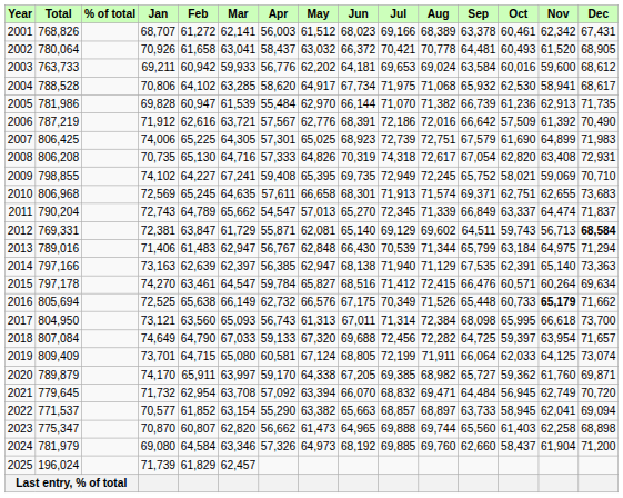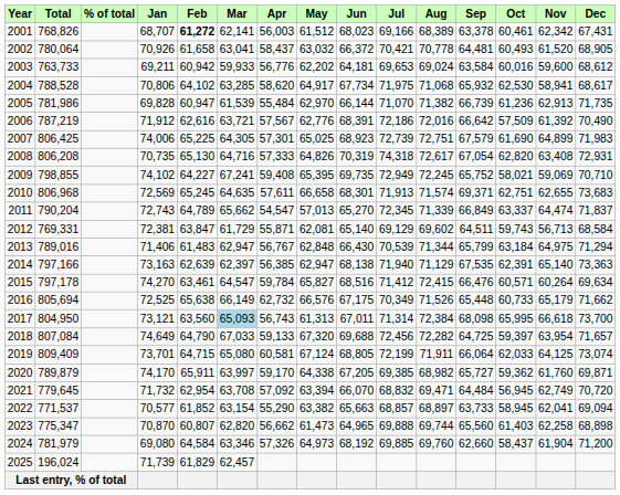 <table class="wikitable" style="text-align:right;">
 <tr>
 <th style="background:#cfb;">Year</th>
 <th style="background:#cfb;">Total</th>
 <th style="background:#cfb;">% of total</th>
 <th style="background:#cfb;">Jan</th>
 <th style="background:#cfb;">Feb</th>
 <th style="background:#cfb;">Mar</th>
 <th style="background:#cfb;">Apr</th>
 <th style="background:#cfb;">May</th>
 <th style="background:#cfb;">Jun</th>
 <th style="background:#cfb;">Jul</th>
 <th style="background:#cfb;">Aug</th>
 <th style="background:#cfb;">Sep</th>
 <th style="background:#cfb;">Oct</th>
 <th style="background:#cfb;">Nov</th>
 <th style="background:#cfb;">Dec</th>
 </tr>
 <tr>
 <td>2001</td>
 <td>768,826</td>
 <td></td>
 <td>68,707</td>
-<td>61,272</td>
+<td><strong>61,272</strong></td>
 <td>62,141</td>
 <td>56,003</td>
 <td>61,512</td>
 <td>68,023</td>
 <td>69,166</td>
 <td>68,389</td>
 <td>63,378</td>
 <td>60,461</td>
 <td>62,342</td>
 <td>67,431</td>
 </tr>
 <tr>
 <td>2002</td>
 <td>780,064</td>
 <td></td>
 <td>70,926</td>
 <td>61,658</td>
 <td>63,041</td>
 <td>58,437</td>
 <td>63,032</td>
 <td>66,372</td>
 <td>70,421</td>
 <td>70,778</td>
 <td>64,481</td>
 <td>60,493</td>
 <td>61,520</td>
 <td>68,905</td>
 </tr>
 <tr>
 <td>2003</td>
 <td>763,733</td>
 <td></td>
 <td>69,211</td>
 <td>60,942</td>
 <td>59,933</td>
 <td>56,776</td>
 <td>62,202</td>
 <td>64,181</td>
 <td>69,653</td>
 <td>69,024</td>
 <td>63,584</td>
 <td>60,016</td>
 <td>59,600</td>
 <td>68,612</td>
 </tr>
 <tr>
 <td>2004</td>
 <td>788,528</td>
 <td></td>
 <td>70,806</td>
 <td>64,102</td>
 <td>63,285</td>
 <td>58,620</td>
 <td>64,917</td>
 <td>67,734</td>
 <td>71,975</td>
 <td>71,068</td>
 <td>65,932</td>
 <td>62,530</td>
 <td>58,941</td>
 <td>68,617</td>
 </tr>
 <tr>
 <td>2005</td>
 <td>781,986</td>
 <td></td>
 <td>69,828</td>
 <td>60,947</td>
 <td>61,539</td>
 <td>55,484</td>
 <td>62,970</td>
 <td>66,144</td>
 <td>71,070</td>
 <td>71,382</td>
 <td>66,739</td>
 <td>61,236</td>
 <td>62,913</td>
 <td>71,735</td>
 </tr>
 <tr>
 <td>2006</td>
 <td>787,219</td>
 <td></td>
 <td>71,912</td>
 <td>62,616</td>
 <td>63,721</td>
 <td>57,567</td>
 <td>62,776</td>
 <td>68,391</td>
 <td>72,186</td>
 <td>72,016</td>
 <td>66,642</td>
 <td>57,509</td>
 <td>61,392</td>
 <td>70,490</td>
 </tr>
 <tr>
 <td>2007</td>
 <td>806,425</td>
 <td></td>
 <td>74,006</td>
 <td>65,225</td>
 <td>64,305</td>
 <td>57,301</td>
 <td>65,025</td>
 <td>68,923</td>
 <td>72,739</td>
 <td>72,751</td>
 <td>67,579</td>
 <td>61,690</td>
 <td>64,899</td>
 <td>71,983</td>
 </tr>
 <tr>
 <td>2008</td>
 <td>806,208</td>
 <td></td>
 <td>70,735</td>
 <td>65,130</td>
 <td>64,716</td>
 <td>57,333</td>
 <td>64,826</td>
 <td>70,319</td>
 <td>74,318</td>
 <td>72,617</td>
 <td>67,054</td>
 <td>62,820</td>
 <td>63,408</td>
 <td>72,931</td>
 </tr>
 <tr>
 <td>2009</td>
 <td>798,855</td>
 <td></td>
 <td>74,102</td>
 <td>64,227</td>
 <td>67,241</td>
 <td>59,408</td>
 <td>65,395</td>
 <td>69,735</td>
 <td>72,949</td>
 <td>72,245</td>
 <td>65,752</td>
 <td>58,021</td>
 <td>59,069</td>
 <td>70,710</td>
 </tr>
 <tr>
 <td>2010</td>
 <td>806,968</td>
 <td></td>
 <td>72,569</td>
 <td>65,245</td>
 <td>64,635</td>
 <td>57,611</td>
 <td>66,658</td>
 <td>68,301</td>
 <td>71,913</td>
 <td>71,574</td>
 <td>69,371</td>
 <td>62,751</td>
 <td>62,655</td>
 <td>73,683</td>
 </tr>
 <tr>
 <td>2011</td>
 <td>790,204</td>
 <td></td>
 <td>72,743</td>
 <td>64,789</td>
 <td>65,662</td>
 <td>54,547</td>
 <td>57,013</td>
 <td>65,270</td>
 <td>72,345</td>
 <td>71,339</td>
 <td>66,849</td>
 <td>63,337</td>
 <td>64,474</td>
 <td>71,837</td>
 </tr>
 <tr>
 <td>2012</td>
 <td>769,331</td>
 <td></td>
 <td>72,381</td>
 <td>63,847</td>
 <td>61,729</td>
 <td>55,871</td>
 <td>62,081</td>
 <td>65,140</td>
 <td>69,129</td>
 <td>69,602</td>
 <td>64,511</td>
 <td>59,743</td>
 <td>56,713</td>
-<td><strong>68,584</strong></td>
+<td>68,584</td>
 </tr>
 <tr>
 <td>2013</td>
 <td>789,016</td>
 <td></td>
 <td>71,406</td>
 <td>61,483</td>
 <td>62,947</td>
 <td>56,767</td>
 <td>62,848</td>
 <td>66,430</td>
 <td>70,539</td>
 <td>71,344</td>
 <td>65,799</td>
 <td>63,184</td>
 <td>64,975</td>
 <td>71,294</td>
 </tr>
 <tr>
 <td>2014</td>
 <td>797,166</td>
 <td></td>
 <td>73,163</td>
 <td>62,639</td>
 <td>62,397</td>
 <td>56,385</td>
 <td>62,947</td>
 <td>68,138</td>
 <td>71,940</td>
 <td>71,129</td>
 <td>67,535</td>
 <td>62,391</td>
 <td>65,140</td>
 <td>73,363</td>
 </tr>
 <tr>
 <td>2015</td>
 <td>797,178</td>
 <td></td>
 <td>74,270</td>
 <td>63,461</td>
 <td>64,547</td>
 <td>59,784</td>
 <td>65,827</td>
 <td>68,516</td>
 <td>71,412</td>
 <td>72,415</td>
 <td>66,476</td>
 <td>60,571</td>
 <td>60,264</td>
 <td>69,634</td>
 </tr>
 <tr>
 <td>2016</td>
 <td>805,694</td>
 <td></td>
 <td>72,525</td>
 <td>65,638</td>
 <td>66,149</td>
 <td>62,732</td>
 <td>66,576</td>
 <td>67,175</td>
 <td>70,349</td>
 <td>71,526</td>
 <td>65,448</td>
 <td>60,733</td>
-<td><strong>65,179</strong></td>
+<td>65,179</td>
 <td>71,662</td>
 </tr>
 <tr>
 <td>2017</td>
 <td>804,950</td>
 <td></td>
 <td>73,121</td>
 <td>63,560</td>
-<td>65,093</td>
+<td style="background: lightblue;">65,093</td>
 <td>56,743</td>
 <td>61,313</td>
 <td>67,011</td>
 <td>71,314</td>
 <td>72,384</td>
 <td>68,098</td>
 <td>65,995</td>
 <td>66,618</td>
 <td>73,700</td>
 </tr>
 <tr>
 <td>2018</td>
 <td>807,084</td>
 <td></td>
 <td>74,649</td>
 <td>64,790</td>
 <td>67,033</td>
 <td>59,133</td>
 <td>67,320</td>
 <td>69,688</td>
 <td>72,456</td>
 <td>72,282</td>
 <td>64,725</td>
 <td>59,397</td>
 <td>63,954</td>
 <td>71,657</td>
 </tr>
 <tr>
 <td>2019</td>
 <td>809,409</td>
 <td></td>
 <td>73,701</td>
 <td>64,715</td>
 <td>65,080</td>
 <td>60,581</td>
 <td>67,124</td>
 <td>68,805</td>
 <td>72,199</td>
 <td>71,911</td>
 <td>66,064</td>
 <td>62,033</td>
 <td>64,125</td>
 <td>73,074</td>
 </tr>
 <tr>
 <td>2020</td>
 <td>789,879</td>
 <td></td>
 <td>74,170</td>
 <td>65,911</td>
 <td>63,997</td>
 <td>59,170</td>
 <td>64,338</td>
 <td>67,205</td>
 <td>69,385</td>
 <td>68,982</td>
 <td>65,727</td>
 <td>59,362</td>
 <td>61,760</td>
 <td>69,871</td>
 </tr>
 <tr>
 <td>2021</td>
 <td>779,645</td>
 <td></td>
 <td>71,732</td>
 <td>62,954</td>
 <td>63,708</td>
 <td>57,092</td>
 <td>63,394</td>
 <td>66,070</td>
 <td>68,832</td>
 <td>69,471</td>
 <td>64,484</td>
 <td>56,945</td>
 <td>62,749</td>
 <td>70,720</td>
 </tr>
 <tr>
 <td>2022</td>
 <td>771,537</td>
 <td></td>
 <td>70,577</td>
 <td>61,852</td>
 <td>63,154</td>
 <td>55,290</td>
 <td>63,382</td>
 <td>65,663</td>
 <td>68,857</td>
 <td>68,897</td>
 <td>63,733</td>
 <td>58,945</td>
 <td>62,041</td>
 <td>69,094</td>
 </tr>
 <tr>
 <td>2023</td>
 <td>775,347</td>
 <td></td>
 <td>70,870</td>
 <td>60,807</td>
 <td>62,820</td>
 <td>56,662</td>
 <td>61,473</td>
 <td>64,965</td>
 <td>69,888</td>
 <td>69,744</td>
 <td>65,560</td>
 <td>61,403</td>
 <td>62,258</td>
 <td>68,898</td>
 </tr>
 <tr>
 <td>2024</td>
 <td>781,979</td>
 <td></td>
 <td>69,080</td>
 <td>64,584</td>
 <td>63,346</td>
 <td>57,326</td>
 <td>64,973</td>
 <td>68,192</td>
 <td>69,885</td>
 <td>69,760</td>
 <td>62,660</td>
 <td>58,437</td>
 <td>61,904</td>
 <td>71,200</td>
 </tr>
 <tr>
 <td>2025</td>
 <td>196,024</td>
 <td></td>
 <td>71,739</td>
 <td>61,829</td>
 <td>62,457</td>
 <td></td>
 <td></td>
 <td></td>
 <td></td>
 <td></td>
 <td></td>
 <td></td>
 <td></td>
 <td></td>
 </tr>
 <tr>
 <th colspan=3>Last entry, % of total</th>
 <th></th>
 <th></th>
 <th></th>
 <th></th>
 <th></th>
 <th></th>
 <th></th>
 <th></th>
 <th></th>
 <th></th>
 <th></th>
 <th></th>
 </tr>
 </table>
